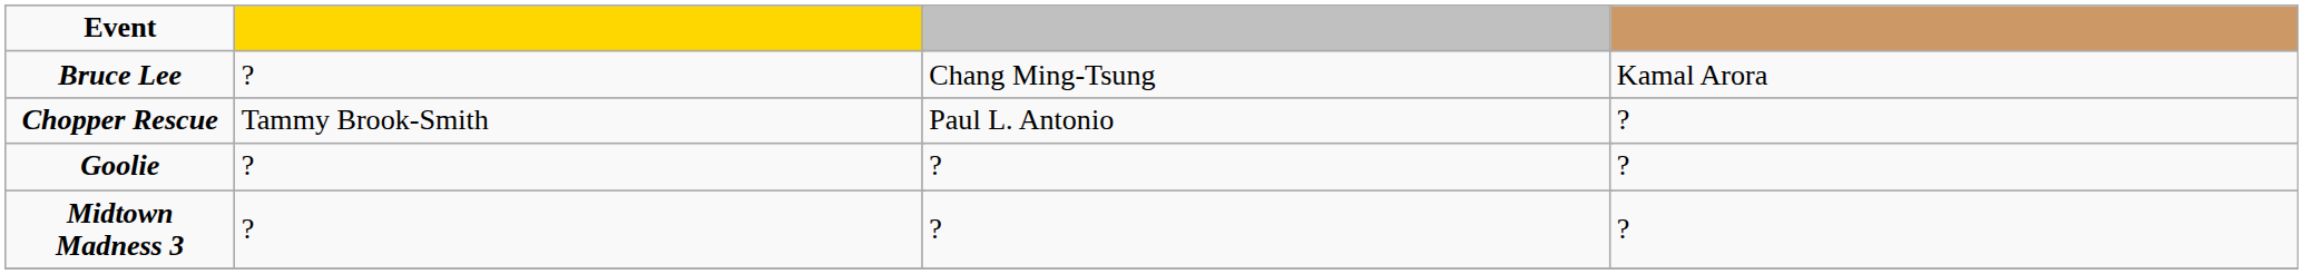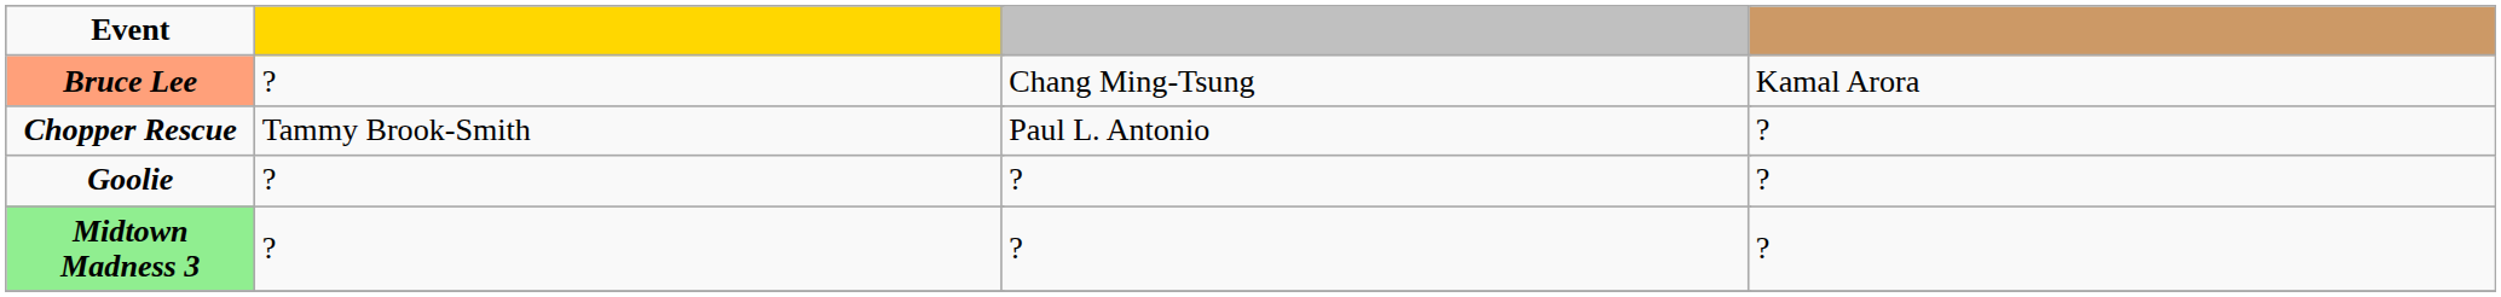 <table class="wikitable" width=100%>
 <tr>
 <td style="text-align:center"  width=10%><strong>Event</strong></td>
 <td colspan="2" style="text-align:center" bgcolor="gold" width=30%></td>
 <td colspan="2" style="text-align:center" bgcolor="silver" width=30%></td>
 <td colspan="2" style="text-align:center" bgcolor="CC9966" width=30%></td>
 </tr>
 <tr>
-<td style="text-align:center"><strong><em>Bruce Lee</em></strong></td>
+<td style="background: lightsalmon; text-align:center"><strong><em>Bruce Lee</em></strong></td>
 <td colspan="2">?</td>
 <td colspan="2"> Chang Ming-Tsung</td>
 <td colspan="2"> Kamal Arora</td>
 </tr>
 <tr>
 <td style="text-align:center"><strong><em>Chopper Rescue</em></strong></td>
 <td colspan="2"> Tammy Brook-Smith</td>
 <td colspan="2"> Paul L. Antonio</td>
 <td colspan="2">?</td>
 </tr>
 <tr>
 <td style="text-align:center"><strong><em>Goolie</em></strong></td>
 <td colspan="2">?</td>
 <td colspan="2">?</td>
 <td colspan="2">?</td>
 </tr>
 <tr>
-<td style="text-align:center"><strong><em>Midtown Madness 3</em></strong></td>
+<td style="background: lightgreen; text-align:center"><strong><em>Midtown Madness 3</em></strong></td>
 <td colspan="2">?</td>
 <td colspan="2">?</td>
 <td colspan="2">?</td>
 </tr>
 <tr>
 </tr>
 </table>
